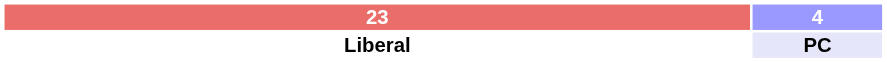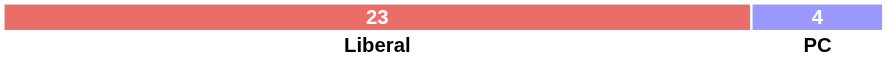 <table style="width:55%; text-align:center;">
 <tr style="color:white;">
 <td style="background:#EA6D6A; width:85.19%;"><strong>23</strong></td>
 <td style="background:#9999FF; width:14.81%;"><strong>4</strong></td>
 </tr>
 <tr>
 <td><span><strong>Liberal</strong></span></td>
-<td style="background: lavender;"><span><strong>PC</strong></span></td>
+<td><span><strong>PC</strong></span></td>
 </tr>
 </table>
